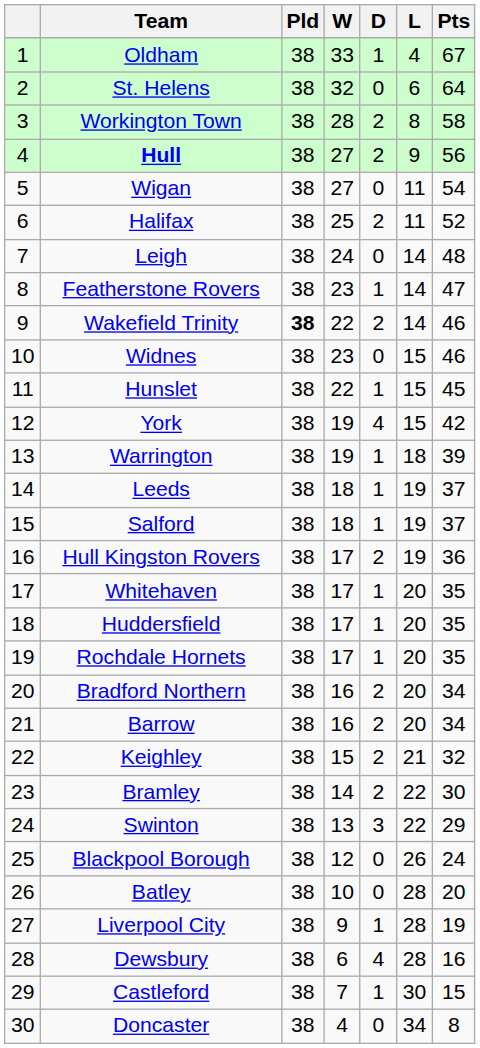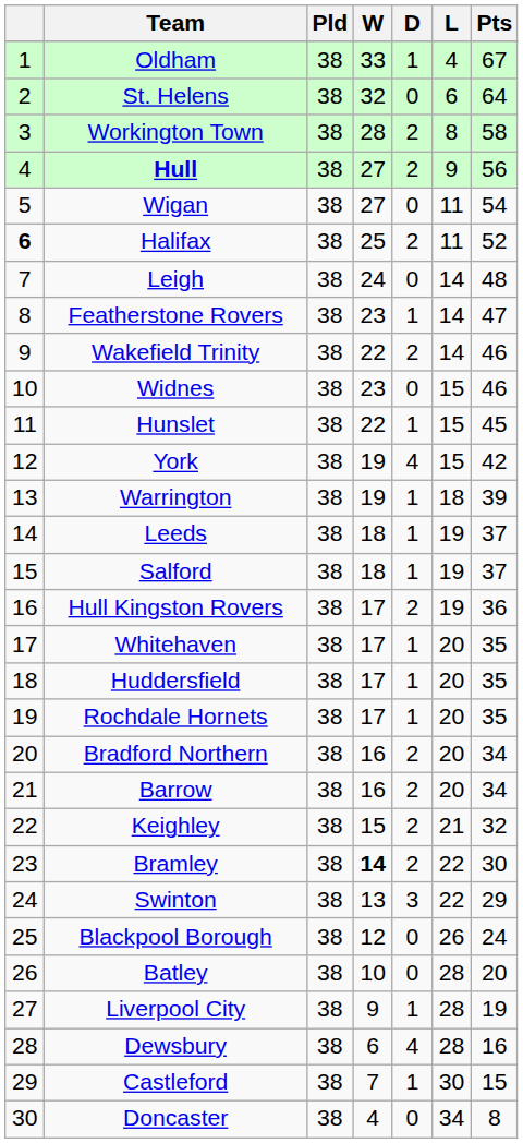 <table class="wikitable" style="text-align:center;">
 <tr>
 <th width=20 abbr="Position"></th>
 <th width=175>Team</th>
 <th width=20 abbr="Played">Pld</th>
 <th width=20 abbr="Won">W</th>
 <th width=20 abbr="Drawn">D</th>
 <th width=20 abbr="Lost">L</th>
 <th width=20 abbr="Points">Pts</th>
 </tr>
 <tr>
 </tr>
 <tr align=center style="background:#ccffcc;color:">
 <td>1</td>
 <td><a href='#'>Oldham</a></td>
 <td>38</td>
 <td>33</td>
 <td>1</td>
 <td>4</td>
 <td>67</td>
 </tr>
 <tr align=center style="background:#ccffcc;color:">
 <td>2</td>
 <td><a href='#'>St. Helens</a></td>
 <td>38</td>
 <td>32</td>
 <td>0</td>
 <td>6</td>
 <td>64</td>
 </tr>
 <tr align=center style="background:#ccffcc;color:">
 <td>3</td>
 <td><a href='#'>Workington Town</a></td>
 <td>38</td>
 <td>28</td>
 <td>2</td>
 <td>8</td>
 <td>58</td>
 </tr>
 <tr align=center style="background:#ccffcc;color:">
 <td>4</td>
 <td><strong><a href='#'>Hull</a></strong></td>
 <td>38</td>
 <td>27</td>
 <td>2</td>
 <td>9</td>
 <td>56</td>
 </tr>
 <tr align=center style="background:">
 <td>5</td>
 <td><a href='#'>Wigan</a></td>
 <td>38</td>
 <td>27</td>
 <td>0</td>
 <td>11</td>
 <td>54</td>
 </tr>
 <tr align=center style="background:">
-<td>6</td>
+<td><strong>6</strong></td>
 <td><a href='#'>Halifax</a></td>
 <td>38</td>
 <td>25</td>
 <td>2</td>
 <td>11</td>
 <td>52</td>
 </tr>
 <tr align=center style="background:">
 <td>7</td>
 <td><a href='#'>Leigh</a></td>
 <td>38</td>
 <td>24</td>
 <td>0</td>
 <td>14</td>
 <td>48</td>
 </tr>
 <tr align=center style="background:">
 <td>8</td>
 <td><a href='#'>Featherstone Rovers</a></td>
 <td>38</td>
 <td>23</td>
 <td>1</td>
 <td>14</td>
 <td>47</td>
 </tr>
 <tr align=center style="background:">
 <td>9</td>
 <td><a href='#'>Wakefield Trinity</a></td>
-<td><strong>38</strong></td>
+<td>38</td>
 <td>22</td>
 <td>2</td>
 <td>14</td>
 <td>46</td>
 </tr>
 <tr align=center style="background:">
 <td>10</td>
 <td><a href='#'>Widnes</a></td>
 <td>38</td>
 <td>23</td>
 <td>0</td>
 <td>15</td>
 <td>46</td>
 </tr>
 <tr align=center style="background:">
 <td>11</td>
 <td><a href='#'>Hunslet</a></td>
 <td>38</td>
 <td>22</td>
 <td>1</td>
 <td>15</td>
 <td>45</td>
 </tr>
 <tr align=center style="background:">
 <td>12</td>
 <td><a href='#'>York</a></td>
 <td>38</td>
 <td>19</td>
 <td>4</td>
 <td>15</td>
 <td>42</td>
 </tr>
 <tr align=center style="background:">
 <td>13</td>
 <td><a href='#'>Warrington</a></td>
 <td>38</td>
 <td>19</td>
 <td>1</td>
 <td>18</td>
 <td>39</td>
 </tr>
 <tr align=center style="background:">
 <td>14</td>
 <td><a href='#'>Leeds</a></td>
 <td>38</td>
 <td>18</td>
 <td>1</td>
 <td>19</td>
 <td>37</td>
 </tr>
 <tr align=center style="background:">
 <td>15</td>
 <td><a href='#'>Salford</a></td>
 <td>38</td>
 <td>18</td>
 <td>1</td>
 <td>19</td>
 <td>37</td>
 </tr>
 <tr align=center style="background:">
 <td>16</td>
 <td><a href='#'>Hull Kingston Rovers</a></td>
 <td>38</td>
 <td>17</td>
 <td>2</td>
 <td>19</td>
 <td>36</td>
 </tr>
 <tr align=center style="background:">
 <td>17</td>
 <td><a href='#'>Whitehaven</a></td>
 <td>38</td>
 <td>17</td>
 <td>1</td>
 <td>20</td>
 <td>35</td>
 </tr>
 <tr align=center style="background:">
 <td>18</td>
 <td><a href='#'>Huddersfield</a></td>
 <td>38</td>
 <td>17</td>
 <td>1</td>
 <td>20</td>
 <td>35</td>
 </tr>
 <tr align=center style="background:">
 <td>19</td>
 <td><a href='#'>Rochdale Hornets</a></td>
 <td>38</td>
 <td>17</td>
 <td>1</td>
 <td>20</td>
 <td>35</td>
 </tr>
 <tr align=center style="background:">
 <td>20</td>
 <td><a href='#'>Bradford Northern</a></td>
 <td>38</td>
 <td>16</td>
 <td>2</td>
 <td>20</td>
 <td>34</td>
 </tr>
 <tr align=center style="background:">
 <td>21</td>
 <td><a href='#'>Barrow</a></td>
 <td>38</td>
 <td>16</td>
 <td>2</td>
 <td>20</td>
 <td>34</td>
 </tr>
 <tr align=center style="background:">
 <td>22</td>
 <td><a href='#'>Keighley</a></td>
 <td>38</td>
 <td>15</td>
 <td>2</td>
 <td>21</td>
 <td>32</td>
 </tr>
 <tr align=center style="background:">
 <td>23</td>
 <td><a href='#'>Bramley</a></td>
 <td>38</td>
-<td>14</td>
+<td><strong>14</strong></td>
 <td>2</td>
 <td>22</td>
 <td>30</td>
 </tr>
 <tr align=center style="background:">
 <td>24</td>
 <td><a href='#'>Swinton</a></td>
 <td>38</td>
 <td>13</td>
 <td>3</td>
 <td>22</td>
 <td>29</td>
 </tr>
 <tr align=center style="background:">
 <td>25</td>
 <td><a href='#'>Blackpool Borough</a></td>
 <td>38</td>
 <td>12</td>
 <td>0</td>
 <td>26</td>
 <td>24</td>
 </tr>
 <tr align=center style="background:">
 <td>26</td>
 <td><a href='#'>Batley</a></td>
 <td>38</td>
 <td>10</td>
 <td>0</td>
 <td>28</td>
 <td>20</td>
 </tr>
 <tr align=center style="background:">
 <td>27</td>
 <td><a href='#'>Liverpool City</a></td>
 <td>38</td>
 <td>9</td>
 <td>1</td>
 <td>28</td>
 <td>19</td>
 </tr>
 <tr align=center style="background:">
 <td>28</td>
 <td><a href='#'>Dewsbury</a></td>
 <td>38</td>
 <td>6</td>
 <td>4</td>
 <td>28</td>
 <td>16</td>
 </tr>
 <tr align=center style="background:">
 <td>29</td>
 <td><a href='#'>Castleford</a></td>
 <td>38</td>
 <td>7</td>
 <td>1</td>
 <td>30</td>
 <td>15</td>
 </tr>
 <tr align=center style="background:">
 <td>30</td>
 <td><a href='#'>Doncaster</a></td>
 <td>38</td>
 <td>4</td>
 <td>0</td>
 <td>34</td>
 <td>8</td>
 </tr>
 <tr>
 </tr>
 </table>
